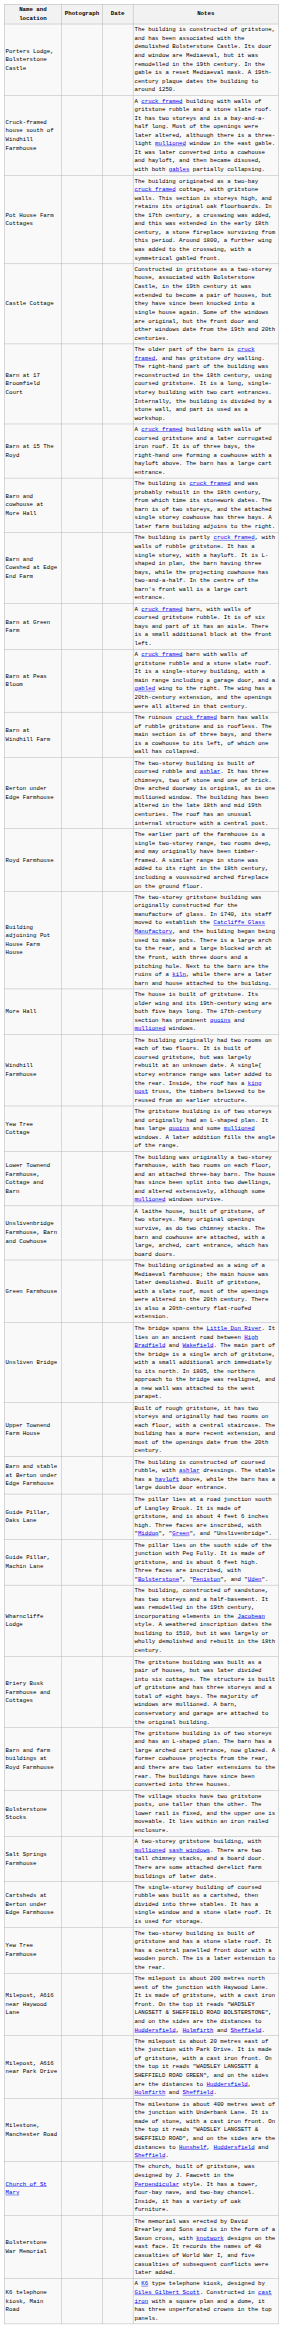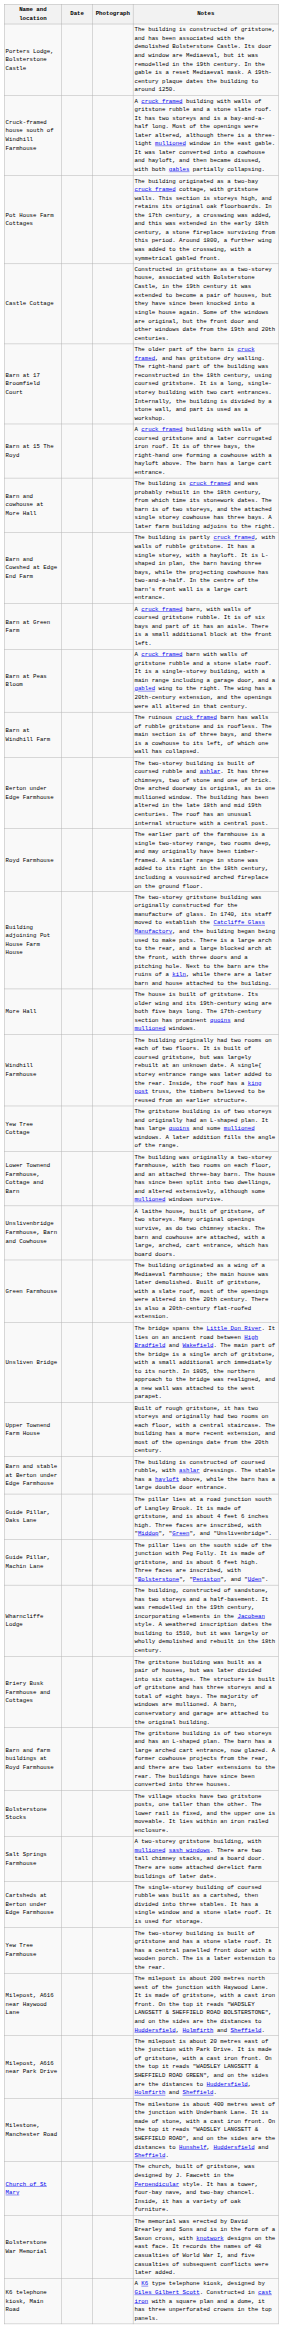 <table class="wikitable sortable plainrowheaders" style="width:100%; border:0px; text-align:left; line-height:150%">
 <tr>
 <th scope="col"  style="width:150px">Name and location</th>
+<th scope="col"  style="width:120px">Date</th>
 <th scope="col"  style="width:100px" class="unsortable">Photograph</th>
-<th scope="col"  style="width:120px">Date</th>
 <th scope="col"  style="width:650px" class="unsortable">Notes</th>
 </tr>
 <tr>
 <td>Porters Lodge, Bolsterstone Castle<br><small></small></td>
+<td align="center"></td>
 <td></td>
-<td align="center"></td>
 <td>The building is constructed of gritstone, and has been associated with the demolished Bolsterstone Castle.  Its door and window are Mediaeval, but it was remodelled in the 19th century.  In the gable is a reset Mediaeval mask. A 19th-century plaque dates the building to around 1250.</td>
 </tr>
 <tr>
 <td>Cruck-framed house south of Windhill Farmhouse<br><small></small></td>
+<td align="center"></td>
 <td></td>
-<td align="center"></td>
 <td>A <a href='#'>cruck framed</a> building with walls of gritstone rubble and a stone slate roof.  It has two storeys and is a bay-and-a-half long.  Most of the openings were later altered, although there is a three-light <a href='#'>mullioned</a> window in the east gable.  It was later converted into a cowhouse and hayloft, and then became disused, with both <a href='#'>gables</a> partially collapsing.</td>
 </tr>
 <tr>
 <td>Pot House Farm Cottages<br><small></small></td>
+<td align="center"></td>
 <td></td>
-<td align="center"></td>
 <td>The building originated as a two-bay <a href='#'>cruck framed</a> cottage, with gritstone walls.  This section is  storeys high, and retains its original oak floorboards.  In the 17th century, a crosswing was added, and this was extended in the early 18th century, a stone fireplace surviving from this period.  Around 1800, a further wing was added to the crosswing, with a symmetrical gabled front.</td>
 </tr>
 <tr>
 <td>Castle Cottage<br><small></small></td>
+<td align="center"></td>
 <td></td>
-<td align="center"></td>
 <td>Constructed in gritstone as a two-storey house, associated with Bolsterstone Castle, in the 19th century it was extended to become a pair of houses, but they have since been knocked into a single house again.  Some of the windows are original, but the front door and other windows date from the 19th and 20th centuries.</td>
 </tr>
 <tr>
 <td>Barn at 17 Broomfield Court<br><small></small></td>
+<td align="center"></td>
 <td></td>
-<td align="center"></td>
 <td>The older part of the barn is <a href='#'>cruck framed</a>, and has gritstone dry walling.  The right-hand part of the building was reconstructed in the 18th century, using coursed gritstone.  It is a long, single-storey building with two cart entrances.  Internally, the building is divided by a stone wall, and part is used as a workshop.</td>
 </tr>
 <tr>
 <td>Barn at 15 The Royd<br><small></small></td>
+<td align="center"></td>
 <td></td>
-<td align="center"></td>
 <td>A <a href='#'>cruck framed</a> building with walls of coursed gritstone and a later corrugated iron roof.  It is of three bays, the right-hand one forming a cowhouse with a hayloft above.  The barn has a large cart entrance.</td>
 </tr>
 <tr>
 <td>Barn and cowhouse at More Hall<br><small></small></td>
+<td align="center"></td>
 <td></td>
-<td align="center"></td>
 <td>The building is <a href='#'>cruck framed</a> and was probably rebuilt in the 18th century, from which time its stonework dates.  The barn is of two storeys, and the attached single storey cowhouse has three bays.  A later farm building adjoins to the right.</td>
 </tr>
 <tr>
 <td>Barn and Cowshed at Edge End Farm<br><small></small></td>
+<td align="center"></td>
 <td></td>
-<td align="center"></td>
 <td>The building is partly <a href='#'>cruck framed</a>, with walls of rubble gritstone.  It has a single storey, with a hayloft.  It is L-shaped in plan, the barn having three bays, while the projecting cowhouse has two-and-a-half.  In the centre of the barn's front wall is a large cart entrance.</td>
 </tr>
 <tr>
 <td>Barn at Green Farm<br><small></small></td>
+<td align="center"></td>
 <td></td>
-<td align="center"></td>
 <td>A <a href='#'>cruck framed</a> barn, with walls of coursed gritstone rubble.  It is of six bays and part of it has an aisle.  There is a small additional block at the front left.</td>
 </tr>
 <tr>
 <td>Barn at Peas Bloom<br><small></small></td>
+<td align="center"></td>
 <td></td>
-<td align="center"></td>
 <td>A <a href='#'>cruck framed</a> barn with walls of gritstone rubble and a stone slate roof.  It is a single-storey building, with a main range including a garage door, and a <a href='#'>gabled</a> wing to the right.  The wing has a 20th-century extension, and the openings were all altered in that century.</td>
 </tr>
 <tr>
 <td>Barn at Windhill Farm<br><small></small></td>
+<td align="center"></td>
 <td></td>
-<td align="center"></td>
 <td>The ruinous <a href='#'>cruck framed</a> barn has walls of rubble gritstone and is roofless.  The main section is of three bays, and there is a cowhouse to its left, of which one wall has collapsed.</td>
 </tr>
 <tr>
 <td>Berton under Edge Farmhouse<br><small></small></td>
+<td align="center"></td>
 <td></td>
-<td align="center"></td>
 <td>The two-storey building is built of coursed rubble and <a href='#'>ashlar</a>.  It has three chimneys, two of stone and one of brick.  One arched doorway is original, as is one mullioned window.  The building has been altered in the late 18th and mid 19th centuries.  The roof has an unusual internal structure with a central post.</td>
 </tr>
 <tr>
 <td>Royd Farmhouse<br><small></small></td>
+<td align="center"></td>
 <td></td>
-<td align="center"></td>
 <td>The earlier part of the farmhouse is a single two-storey range, two rooms deep, and may originally have been timber-framed.  A similar range in stone was added to its right in the 18th century, including a voussoired arched fireplace on the ground floor.</td>
 </tr>
 <tr>
 <td>Building adjoining Pot House Farm House<br><small></small></td>
+<td align="center"></td>
 <td></td>
-<td align="center"></td>
 <td>The two-storey gritstone building was originally constructed for the manufacture of glass.  In 1740, its staff moved to establish the <a href='#'>Catcliffe Glass Manufactory</a>, and the building began being used to make pots.  There is a large arch to the rear, and a large blocked arch at the front, with three doors and a pitching hole.  Next to the barn are the ruins of a <a href='#'>kiln</a>, while there are a later barn and house attached to the building.</td>
 </tr>
 <tr>
 <td>More Hall<br><small></small></td>
+<td align="center"></td>
 <td></td>
-<td align="center"></td>
 <td>The house is built of gritstone.  Its older wing and its 19th-century wing are both five bays long.  The 17th-century section has prominent <a href='#'>quoins</a> and <a href='#'>mullioned</a> windows.</td>
 </tr>
 <tr>
 <td>Windhill Farmhouse<br><small></small></td>
+<td align="center"></td>
 <td></td>
-<td align="center"></td>
 <td>The building originally had two rooms on each of two floors.  It is built of coursed gritstone, but was largely rebuilt at an unknown date.  A single{ storey entrance range was later added to the rear.  Inside, the roof has a <a href='#'>king post</a> truss, the timbers believed to be reused from an earlier structure.</td>
 </tr>
 <tr>
 <td>Yew Tree Cottage<br><small></small></td>
+<td align="center"></td>
 <td></td>
-<td align="center"></td>
 <td>The gritstone building is of two storeys and originally had an L-shaped plan.  It has large <a href='#'>quoins</a> and some <a href='#'>mullioned</a> windows.  A later addition fills the angle of the range.</td>
 </tr>
 <tr>
 <td>Lower Townend Farmhouse, Cottage and Barn<br><small></small></td>
+<td align="center"></td>
 <td></td>
-<td align="center"></td>
 <td>The building was originally a two-storey farmhouse, with two rooms on each floor, and an attached three-bay barn.  The house has since been split into two dwellings, and altered extensively, although some <a href='#'>mullioned</a> windows survive.</td>
 </tr>
 <tr>
 <td>Unslivenbridge Farmhouse, Barn and Cowhouse<br><small></small></td>
+<td align="center"></td>
 <td></td>
-<td align="center"></td>
 <td>A laithe house, built of gritstone, of two storeys.  Many original openings survive, as do two chimney stacks.  The barn and cowhouse are attached, with a large, arched, cart entrance, which has board doors.</td>
 </tr>
 <tr>
 <td>Green Farmhouse<br><small></small></td>
+<td align="center"></td>
 <td></td>
-<td align="center"></td>
 <td>The building originated as a wing of a Mediaeval farmhouse; the main house was later demolished.  Built of gritstone, with a slate roof, most of the openings were altered in the 20th century.  There is also a 20th-century flat-roofed extension.</td>
 </tr>
 <tr>
 <td>Unsliven Bridge<br><small></small></td>
+<td align="center"></td>
 <td></td>
-<td align="center"></td>
 <td>The bridge spans the <a href='#'>Little Don River</a>.  It lies on an ancient road between <a href='#'>High Bradfield</a> and <a href='#'>Wakefield</a>.  The main part of the bridge is a single arch of gritstone, with a small additional arch immediately to its north.  In 1805, the northern approach to the bridge was realigned, and a new wall was attached to the west parapet.</td>
 </tr>
 <tr>
 <td>Upper Townend Farm House<br><small></small></td>
+<td align="center"></td>
 <td></td>
-<td align="center"></td>
 <td>Built of rough gritstone, it has two storeys and originally had two rooms on each floor, with a central staircase.  The building has a more recent extension, and most of the openings date from the 20th century.</td>
 </tr>
 <tr>
 <td>Barn and stable at Berton under Edge Farmhouse<br><small></small></td>
+<td align="center"></td>
 <td></td>
-<td align="center"></td>
 <td>The building is constructed of coursed rubble, with <a href='#'>ashlar</a> dressings.  The stable has a <a href='#'>hayloft</a> above, while the barn has a large double door entrance.</td>
 </tr>
 <tr>
 <td>Guide Pillar, Oaks Lane<br><small></small></td>
+<td align="center"></td>
 <td></td>
-<td align="center"></td>
 <td>The pillar lies at a road junction south of Langley Brook.  It is made of gritstone, and is about 4 feet 6 inches high.  Three faces are inscribed, with "<a href='#'>Middop</a>", "<a href='#'>Green</a>", and "Unslivenbridge".</td>
 </tr>
 <tr>
 <td>Guide Pillar, Machin Lane<br><small></small></td>
+<td align="center"></td>
 <td></td>
-<td align="center"></td>
 <td>The pillar lies on the south side of the junction with Peg Folly.  It is made of gritstone, and is about 6 feet high.  Three faces are inscribed, with "<a href='#'>Bolsterstone</a>", "<a href='#'>Peniston</a>", and "<a href='#'>Uden</a>".</td>
 </tr>
 <tr>
 <td>Wharncliffe Lodge<br><small></small></td>
+<td align="center"></td>
 <td></td>
-<td align="center"></td>
 <td>The building, constructed of sandstone, has two storeys and a half-basement.  It was remodelled in the 19th century, incorporating elements in the <a href='#'>Jacobean</a> style.  A weathered inscription dates the building to 1510, but it was largely or wholly demolished and rebuilt in the 18th century.</td>
 </tr>
 <tr>
 <td>Briery Busk Farmhouse and Cottages<br><small></small></td>
+<td align="center"></td>
 <td></td>
-<td align="center"></td>
 <td>The gritstone building was built as a pair of houses, but was later divided into six cottages.  The structure is built of gritstone and has three storeys and a total of eight bays.  The majority of windows are mullioned.  A barn, conservatory and garage are attached to the original building.</td>
 </tr>
 <tr>
 <td>Barn and farm buildings at Royd Farmhouse<br><small></small></td>
+<td align="center"></td>
 <td></td>
-<td align="center"></td>
 <td>The gritstone building is of two storeys and has an L-shaped plan.  The barn has a large arched cart entrance, now glazed.  A former cowhouse projects from the rear, and there are two later extensions to the rear.  The buildings have since been converted into three houses.</td>
 </tr>
 <tr>
 <td>Bolsterstone Stocks<br><small></small></td>
+<td align="center"></td>
 <td></td>
-<td align="center"></td>
 <td>The village stocks have two gritstone posts, one taller than the other.  The lower rail is fixed, and the upper one is moveable.  It lies within an iron railed enclosure.</td>
 </tr>
 <tr>
 <td>Salt Springs Farmhouse<br><small></small></td>
+<td align="center"></td>
 <td></td>
-<td align="center"></td>
 <td>A two-storey gritstone building, with <a href='#'>mullioned</a> <a href='#'>sash windows</a>.  There are two tall chimney stacks, and a board door.  There are some attached derelict farm buildings of later date.</td>
 </tr>
 <tr>
 <td>Cartsheds at Berton under Edge Farmhouse<br><small></small></td>
+<td align="center"></td>
 <td></td>
-<td align="center"></td>
 <td>The single-storey building of coursed rubble was built as a cartshed, then divided into three stables.  It has a single window and a stone slate roof.   It is used for storage.</td>
 </tr>
 <tr>
 <td>Yew Tree Farmhouse<br><small></small></td>
+<td align="center"></td>
 <td></td>
-<td align="center"></td>
 <td>The two-storey building is built of gritstone and has a stone slate roof.  It has a central panelled front door with a wooden porch.  The is a later extension to the rear.</td>
 </tr>
 <tr>
 <td>Milepost, A616 near Haywood Lane<br><small></small></td>
+<td align="center"></td>
 <td></td>
-<td align="center"></td>
 <td>The milepost is about 200 metres north west of the junction with Haywood Lane.  It is made of gritstone, with a cast iron front.  On the top it reads "WADSLEY LANGSETT & SHEFFIELD ROAD BOLSTERSTONE", and on the sides are the distances to <a href='#'>Huddersfield</a>, <a href='#'>Holmfirth</a> and <a href='#'>Sheffield</a>.</td>
 </tr>
 <tr>
 <td>Milepost, A616 near Park Drive<br><small></small></td>
+<td align="center"></td>
 <td></td>
-<td align="center"></td>
 <td>The milepost is about 20 metres east of the junction with Park Drive.  It is made of gritstone, with a cast iron front.  On the top it reads "WADSLEY LANGSETT & SHEFFIELD ROAD GREEN", and on the sides are the distances to <a href='#'>Huddersfield</a>, <a href='#'>Holmfirth</a> and <a href='#'>Sheffield</a>.</td>
 </tr>
 <tr>
 <td>Milestone, Manchester Road<br><small></small></td>
+<td align="center"></td>
 <td></td>
-<td align="center"></td>
 <td>The milestone is about 400 metres west of the junction with Underbank Lane.  It is made of stone, with a cast iron front.  On the top it reads "WADSLEY LANGSETT & SHEFFIELD ROAD", and on the sides are the distances to <a href='#'>Hunshelf</a>, <a href='#'>Huddersfield</a> and <a href='#'>Sheffield</a>.</td>
 </tr>
 <tr>
 <td><a href='#'>Church of St Mary</a><br><small></small></td>
+<td align="center"></td>
 <td></td>
-<td align="center"></td>
 <td>The church, built of gritstone, was designed by J. Fawcett in the <a href='#'>Perpendicular</a> style.  It has a tower, four-bay nave, and two-bay chancel.  Inside, it has a variety of oak furniture.</td>
 </tr>
 <tr>
 <td>Bolsterstone War Memorial<br><small></small></td>
+<td align="center"></td>
 <td></td>
-<td align="center"></td>
 <td>The memorial was erected by David Brearley and Sons and is in the form of a Saxon cross, with <a href='#'>knotwork</a> designs on the east face.  It records the names of 48 casualties of World War I, and five casualties of subsequent conflicts were later added.</td>
 </tr>
 <tr>
 <td>K6 telephone kiosk, Main Road<br><small></small></td>
+<td align="center"></td>
 <td></td>
-<td align="center"></td>
 <td>A <a href='#'>K6</a> type telephone kiosk, designed by <a href='#'>Giles Gilbert Scott</a>. Constructed in <a href='#'>cast iron</a> with a square plan and a dome, it has three unperforated crowns in the top panels.</td>
 </tr>
 </table>
